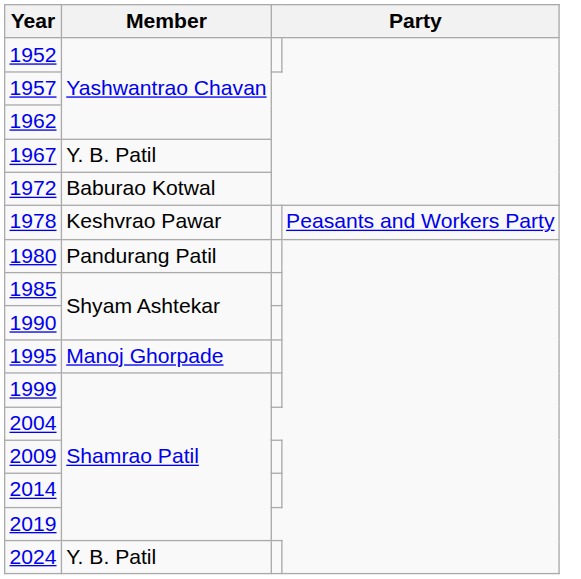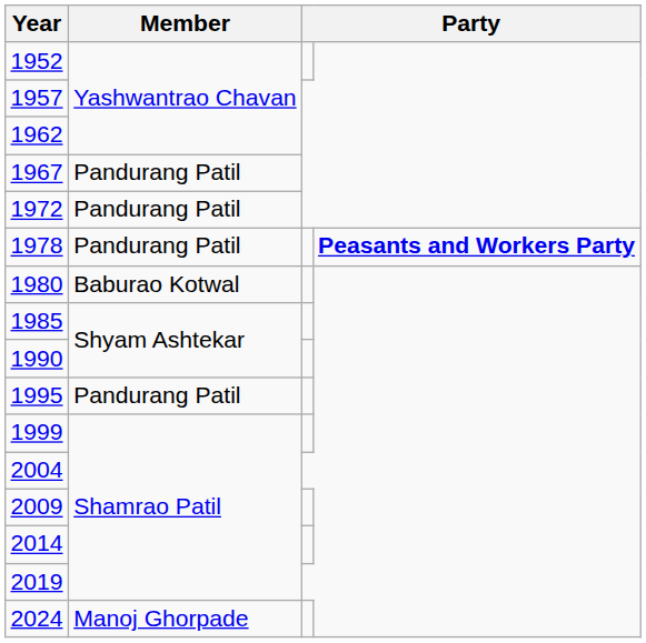 <table class="wikitable">
 <tr>
 <th>Year</th>
 <th>Member</th>
 <th colspan="2">Party</th>
 </tr>
 <tr>
 <td><a href='#'>1952</a></td>
 <td rowspan="3"><a href='#'>Yashwantrao Chavan</a></td>
 <td></td>
 </tr>
 <tr>
 <td><a href='#'>1957</a></td>
 </tr>
 <tr>
 <td><a href='#'>1962</a></td>
 </tr>
 <tr>
 <td><a href='#'>1967</a></td>
-<td>Y. B. Patil</td>
+<td>Pandurang Patil</td>
 </tr>
 <tr>
 <td><a href='#'>1972</a></td>
-<td>Baburao Kotwal</td>
+<td>Pandurang Patil</td>
 </tr>
 <tr>
 <td><a href='#'>1978</a></td>
-<td>Keshvrao Pawar</td>
+<td>Pandurang Patil</td>
 <td style="background-color: "></td>
-<td><a href='#'>Peasants and Workers Party</a></td>
+<td><strong><a href='#'>Peasants and Workers Party</a></strong></td>
 </tr>
 <tr>
 <td><a href='#'>1980</a></td>
-<td>Pandurang Patil</td>
+<td>Baburao Kotwal</td>
 <td></td>
 </tr>
 <tr>
 <td><a href='#'>1985</a></td>
 <td rowspan="2">Shyam Ashtekar</td>
 <td></td>
 </tr>
 <tr>
 <td><a href='#'>1990</a></td>
 <td></td>
 </tr>
 <tr>
 <td><a href='#'>1995</a></td>
-<td><a href='#'>Manoj Ghorpade</a></td>
+<td>Pandurang Patil</td>
 <td></td>
 </tr>
 <tr>
 <td><a href='#'>1999</a></td>
 <td rowspan="5"><a href='#'>Shamrao Patil</a></td>
 <td></td>
 </tr>
 <tr>
 <td><a href='#'>2004</a></td>
 </tr>
 <tr>
 <td><a href='#'>2009</a></td>
 <td></td>
 </tr>
 <tr>
 <td><a href='#'>2014</a></td>
 <td></td>
 </tr>
 <tr>
 <td><a href='#'>2019</a></td>
 </tr>
 <tr>
 <td><a href='#'>2024</a></td>
-<td>Y. B. Patil</td>
+<td><a href='#'>Manoj Ghorpade</a></td>
 <td></td>
 </tr>
 </table>
